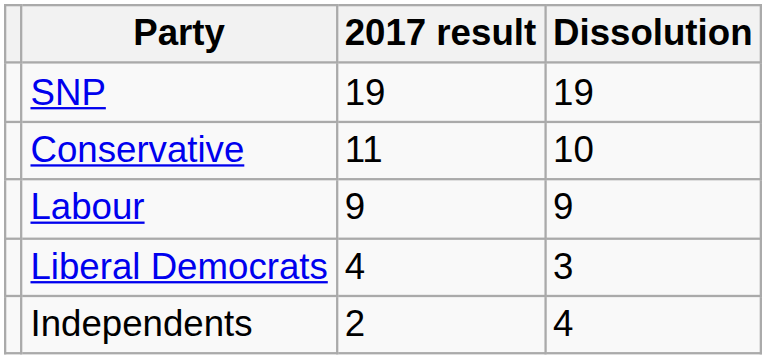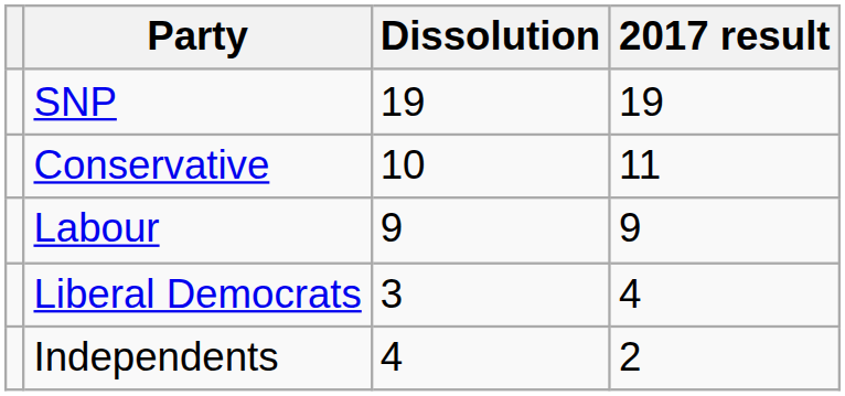 <table class="wikitable">
 <tr>
 <th></th>
 <th scope="col">Party</th>
+<th scope="col">Dissolution</th>
 <th scope="col">2017 result</th>
-<th scope="col">Dissolution</th>
 </tr>
 <tr>
 <td style="background:"></td>
 <td scope="row"><a href='#'>SNP</a></td>
 <td>19</td>
 <td>19</td>
 </tr>
 <tr>
 <td style="background:"></td>
 <td scope="row"><a href='#'>Conservative</a></td>
+<td>10</td>
 <td>11</td>
-<td>10</td>
 </tr>
 <tr>
 <td style="background:"></td>
 <td scope="row"><a href='#'>Labour</a></td>
 <td>9</td>
 <td>9</td>
 </tr>
 <tr>
 <td style="background:"></td>
 <td scope="row"><a href='#'>Liberal Democrats</a></td>
+<td>3</td>
 <td>4</td>
-<td>3</td>
 </tr>
 <tr>
 <td style="background:"></td>
 <td scope="row">Independents</td>
+<td>4</td>
 <td>2</td>
-<td>4</td>
 </tr>
 </table>
